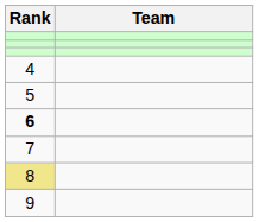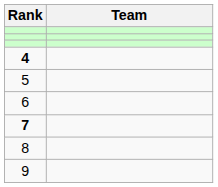 <table class=wikitable style="text-align:center;">
 <tr>
 <th>Rank</th>
 <th width=180>Team</th>
 </tr>
 <tr bgcolor=#ccffcc>
 <td></td>
 <td align=left></td>
 </tr>
 <tr bgcolor=#ccffcc>
 <td></td>
 <td align=left></td>
 </tr>
 <tr bgcolor=#ccffcc>
 <td></td>
 <td align=left></td>
 </tr>
 <tr>
-<td>4</td>
+<td><strong>4</strong></td>
 <td align=left></td>
 </tr>
 <tr>
 <td>5</td>
 <td align=left></td>
 </tr>
 <tr>
-<td><strong>6</strong></td>
+<td>6</td>
 <td align=left></td>
 </tr>
 <tr>
-<td>7</td>
+<td><strong>7</strong></td>
 <td align=left></td>
 </tr>
 <tr>
-<td style="background: khaki;">8</td>
+<td>8</td>
 <td align=left></td>
 </tr>
 <tr>
 <td>9</td>
 <td align=left></td>
 </tr>
 </table>
